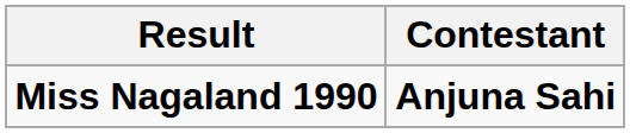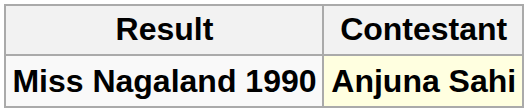 <table class="wikitable">
 <tr>
 <th>Result</th>
 <th>Contestant</th>
 </tr>
 <tr>
 <td><strong>Miss Nagaland 1990</strong></td>
-<td><strong>Anjuna Sahi</strong></td>
+<td style="background: lightyellow;"><strong>Anjuna Sahi</strong></td>
 </tr>
 </table>
